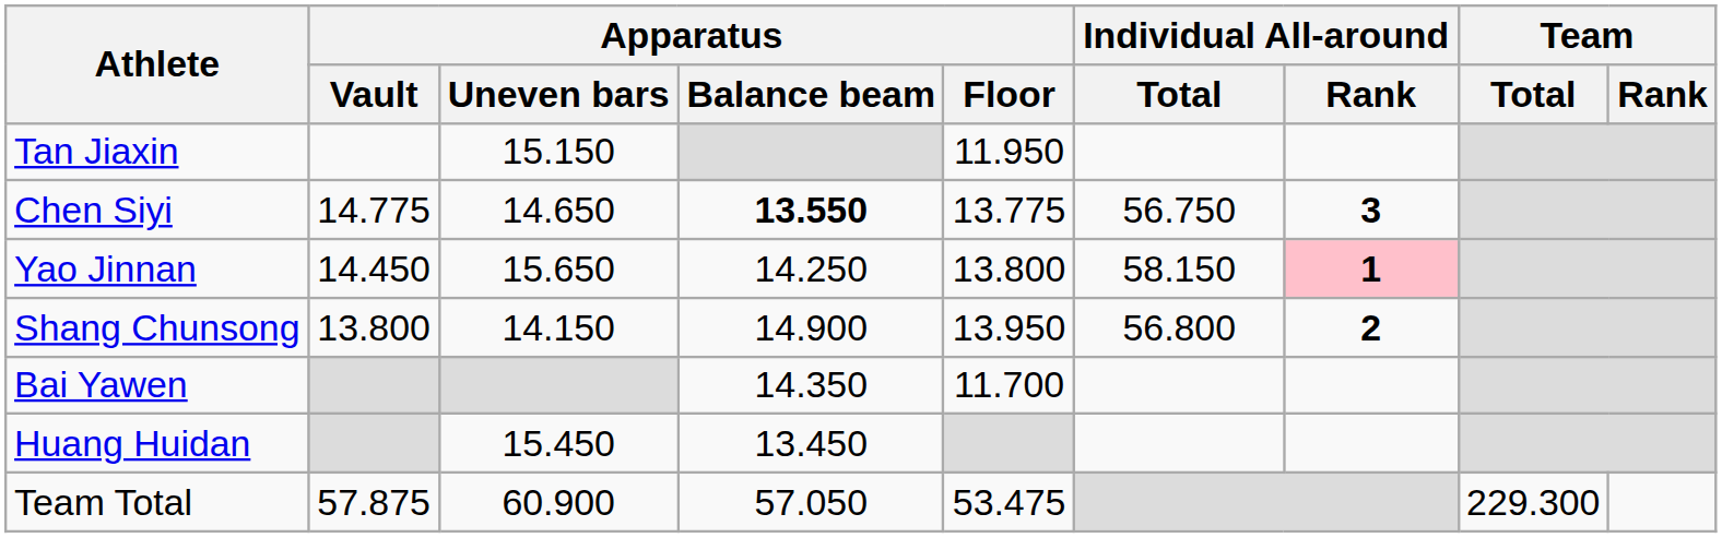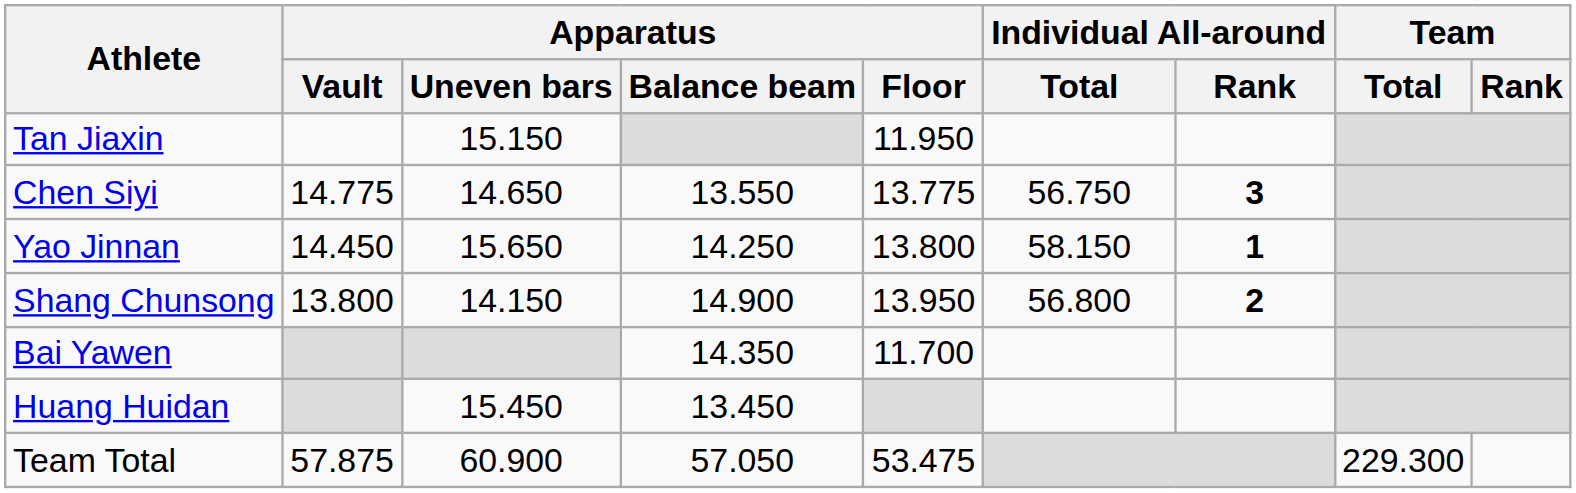 <table class="wikitable"style="text-align:left; font-size:90%">
 <tr>
 <th rowspan=2>Athlete</th>
 <th colspan=4>Apparatus</th>
 <th colspan=2>Individual All-around</th>
 <th colspan=2>Team</th>
 </tr>
 <tr>
 <th>Vault</th>
 <th>Uneven bars</th>
 <th>Balance beam</th>
 <th>Floor</th>
 <th>Total</th>
 <th>Rank</th>
 <th>Total</th>
 <th>Rank</th>
 </tr>
 <tr>
 <td><a href='#'>Tan Jiaxin</a></td>
 <td style="text-align:center;"></td>
 <td style="text-align:center;">15.150</td>
 <td style="background:#dcdcdc;"></td>
 <td style="text-align:center;">11.950</td>
 <td style="text-align:center;"></td>
 <td style="text-align:center;"></td>
 <td style="background:#dcdcdc;" colspan="2"></td>
 </tr>
 <tr>
 <td><a href='#'>Chen Siyi</a></td>
 <td style="text-align:center;">14.775</td>
 <td style="text-align:center;">14.650</td>
-<td style="text-align:center;"><strong>13.550</strong></td>
+<td style="text-align:center;">13.550</td>
 <td style="text-align:center;">13.775</td>
 <td style="text-align:center;">56.750</td>
 <td style="text-align:center;"><strong>3</strong></td>
 <td style="background:#dcdcdc;" colspan="2"></td>
 </tr>
 <tr>
 <td><a href='#'>Yao Jinnan</a></td>
 <td style="text-align:center;">14.450</td>
 <td style="text-align:center;">15.650 <strong></strong></td>
 <td style="text-align:center;">14.250</td>
 <td style="text-align:center;">13.800 <strong></strong></td>
 <td style="text-align:center;">58.150 <strong></strong></td>
-<td style="background: pink; text-align:center;"><strong>1</strong></td>
+<td style="text-align:center;"><strong>1</strong></td>
 <td style="background:#dcdcdc;" colspan="2"></td>
 </tr>
 <tr>
 <td><a href='#'>Shang Chunsong</a></td>
 <td style="text-align:center;">13.800</td>
 <td style="text-align:center;">14.150</td>
 <td style="text-align:center;">14.900 <strong></strong></td>
 <td style="text-align:center;">13.950 <strong></strong></td>
 <td style="text-align:center;">56.800 <strong></strong></td>
 <td style="text-align:center;"><strong>2</strong></td>
 <td style="background:#dcdcdc;" colspan="2"></td>
 </tr>
 <tr>
 <td><a href='#'>Bai Yawen</a></td>
 <td style="background:#dcdcdc;"></td>
 <td style="background:#dcdcdc;"></td>
 <td style="text-align:center;">14.350 <strong></strong></td>
 <td style="text-align:center;">11.700</td>
 <td style="text-align:center;"></td>
 <td style="text-align:center;"></td>
 <td style="background:#dcdcdc;" colspan="2"></td>
 </tr>
 <tr>
 <td><a href='#'>Huang Huidan</a></td>
 <td style="background:#dcdcdc;"></td>
 <td style="text-align:center;">15.450 <strong></strong></td>
 <td style="text-align:center;">13.450</td>
 <td style="background:#dcdcdc;"></td>
 <td style="text-align:center;"></td>
 <td style="text-align:center;"></td>
 <td style="background:#dcdcdc;" colspan="2"></td>
 </tr>
 <tr>
 <td>Team Total</td>
 <td style="text-align:center;">57.875</td>
 <td style="text-align:center;">60.900</td>
 <td style="text-align:center;">57.050</td>
 <td style="text-align:center;">53.475</td>
 <td style="background:#dcdcdc;" colspan="2"></td>
 <td style="text-align:center;">229.300</td>
 <td style="text-align:center;"></td>
 </tr>
 </table>
